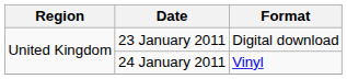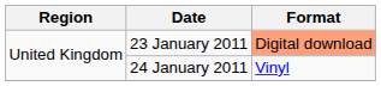 <table class=wikitable>
 <tr>
 <th>Region</th>
 <th>Date</th>
 <th>Format</th>
 </tr>
 <tr>
 <td align="center" rowspan="2">United Kingdom</td>
 <td>23 January 2011</td>
-<td>Digital download</td>
+<td style="background: lightsalmon;">Digital download</td>
 </tr>
 <tr>
 <td>24 January 2011</td>
 <td><a href='#'>Vinyl</a></td>
 </tr>
 <tr>
 </tr>
 </table>
